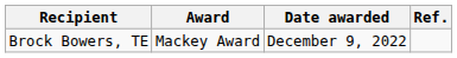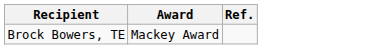 <table class="wikitable sortable" style="text-align:center">
 <tr>
 <th>Recipient</th>
 <th>Award</th>
-<th>Date awarded</th>
 <th>Ref.</th>
 </tr>
 <tr>
 <td>Brock Bowers, TE</td>
 <td>Mackey Award</td>
-<td>December 9, 2022</td>
 <td></td>
 </tr>
 </table>
